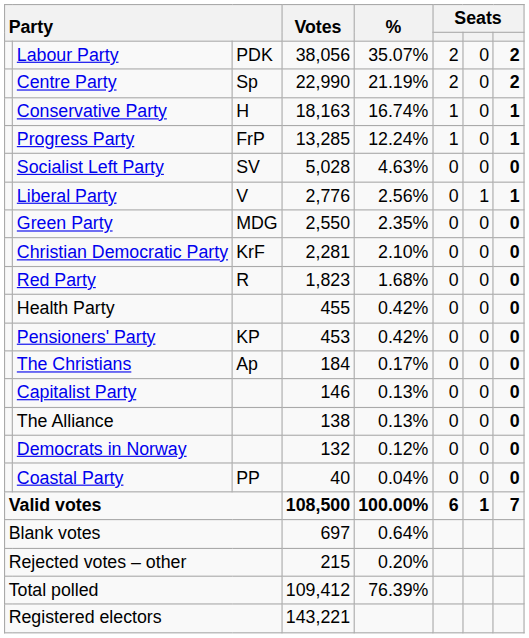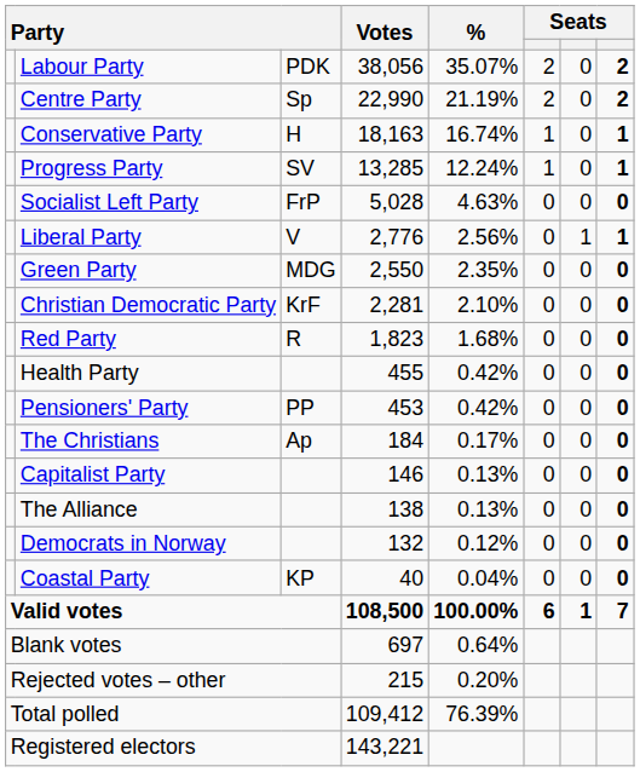 <table class="wikitable" border="1" style="text-align:right;">
 <tr>
 <th style="text-align:left;" valign=bottom rowspan=2 colspan=3>Party</th>
 <th align=center valign=bottom rowspan=2 width="50">Votes</th>
 <th align=center valign=bottom rowspan=2 width="50">%</th>
 <th colspan=3>Seats</th>
 </tr>
 <tr>
 <th align=center valign=bottom width="20"><small></small></th>
 <th align=center valign=bottom width="20"><small><a href='#'></a></small></th>
 <th align=center valign=bottom width="20"><small></small></th>
 </tr>
 <tr>
 <td style="color:inherit;background:"></td>
 <td align=left><a href='#'>Labour Party</a></td>
 <td align=left>PDK</td>
 <td>38,056</td>
 <td>35.07%</td>
 <td>2</td>
 <td>0</td>
 <td><strong>2</strong></td>
 </tr>
 <tr>
 <td style="color:inherit;background:"></td>
 <td align=left><a href='#'>Centre Party</a></td>
 <td align=left>Sp</td>
 <td>22,990</td>
 <td>21.19%</td>
 <td>2</td>
 <td>0</td>
 <td><strong>2</strong></td>
 </tr>
 <tr>
 <td style="color:inherit;background:"></td>
 <td align=left><a href='#'>Conservative Party</a></td>
 <td align=left>H</td>
 <td>18,163</td>
 <td>16.74%</td>
 <td>1</td>
 <td>0</td>
 <td><strong>1</strong></td>
 </tr>
 <tr>
 <td style="color:inherit;background:"></td>
 <td align=left><a href='#'>Progress Party</a></td>
-<td align=left>FrP</td>
+<td align=left>SV</td>
 <td>13,285</td>
 <td>12.24%</td>
 <td>1</td>
 <td>0</td>
 <td><strong>1</strong></td>
 </tr>
 <tr>
 <td style="color:inherit;background:"></td>
 <td align=left><a href='#'>Socialist Left Party</a></td>
-<td align=left>SV</td>
+<td align=left>FrP</td>
 <td>5,028</td>
 <td>4.63%</td>
 <td>0</td>
 <td>0</td>
 <td><strong>0</strong></td>
 </tr>
 <tr>
 <td style="color:inherit;background:"></td>
 <td align=left><a href='#'>Liberal Party</a></td>
 <td align=left>V</td>
 <td>2,776</td>
 <td>2.56%</td>
 <td>0</td>
 <td>1</td>
 <td><strong>1</strong></td>
 </tr>
 <tr>
 <td style="color:inherit;background:"></td>
 <td align=left><a href='#'>Green Party</a></td>
 <td align=left>MDG</td>
 <td>2,550</td>
 <td>2.35%</td>
 <td>0</td>
 <td>0</td>
 <td><strong>0</strong></td>
 </tr>
 <tr>
 <td style="color:inherit;background:"></td>
 <td align=left><a href='#'>Christian Democratic Party</a></td>
 <td align=left>KrF</td>
 <td>2,281</td>
 <td>2.10%</td>
 <td>0</td>
 <td>0</td>
 <td><strong>0</strong></td>
 </tr>
 <tr>
 <td style="color:inherit;background:"></td>
 <td align=left><a href='#'>Red Party</a></td>
 <td align=left>R</td>
 <td>1,823</td>
 <td>1.68%</td>
 <td>0</td>
 <td>0</td>
 <td><strong>0</strong></td>
 </tr>
 <tr>
 <td></td>
 <td align=left>Health Party</td>
 <td align=left></td>
 <td>455</td>
 <td>0.42%</td>
 <td>0</td>
 <td>0</td>
 <td><strong>0</strong></td>
 </tr>
 <tr>
 <td style="color:inherit;background:"></td>
 <td align=left><a href='#'>Pensioners' Party</a></td>
-<td align=left>KP</td>
+<td align=left>PP</td>
 <td>453</td>
 <td>0.42%</td>
 <td>0</td>
 <td>0</td>
 <td><strong>0</strong></td>
 </tr>
 <tr>
 <td style="color:inherit;background:"></td>
 <td align=left><a href='#'>The Christians</a></td>
 <td align=left>Ap</td>
 <td>184</td>
 <td>0.17%</td>
 <td>0</td>
 <td>0</td>
 <td><strong>0</strong></td>
 </tr>
 <tr>
 <td style="color:inherit;background:"></td>
 <td align=left><a href='#'>Capitalist Party</a></td>
 <td align=left></td>
 <td>146</td>
 <td>0.13%</td>
 <td>0</td>
 <td>0</td>
 <td><strong>0</strong></td>
 </tr>
 <tr>
 <td></td>
 <td align=left>The Alliance</td>
 <td align=left></td>
 <td>138</td>
 <td>0.13%</td>
 <td>0</td>
 <td>0</td>
 <td><strong>0</strong></td>
 </tr>
 <tr>
 <td style="color:inherit;background:"></td>
 <td align=left><a href='#'>Democrats in Norway</a></td>
 <td align=left></td>
 <td>132</td>
 <td>0.12%</td>
 <td>0</td>
 <td>0</td>
 <td><strong>0</strong></td>
 </tr>
 <tr>
 <td style="color:inherit;background:"></td>
 <td align=left><a href='#'>Coastal Party</a></td>
-<td align=left>PP</td>
+<td align=left>KP</td>
 <td>40</td>
 <td>0.04%</td>
 <td>0</td>
 <td>0</td>
 <td><strong>0</strong></td>
 </tr>
 <tr style="font-weight:bold">
 <td align=left colspan=3>Valid votes</td>
 <td>108,500</td>
 <td>100.00%</td>
 <td>6</td>
 <td>1</td>
 <td>7</td>
 </tr>
 <tr>
 <td align=left colspan=3>Blank votes</td>
 <td>697</td>
 <td>0.64%</td>
 <td></td>
 <td></td>
 <td></td>
 </tr>
 <tr>
 <td align=left colspan=3>Rejected votes – other</td>
 <td>215</td>
 <td>0.20%</td>
 <td></td>
 <td></td>
 <td></td>
 </tr>
 <tr>
 <td align=left colspan=3>Total polled</td>
 <td>109,412</td>
 <td>76.39%</td>
 <td></td>
 <td></td>
 <td></td>
 </tr>
 <tr>
 <td align=left colspan=3>Registered electors</td>
 <td>143,221</td>
 <td></td>
 <td></td>
 <td></td>
 <td></td>
 </tr>
 </table>
